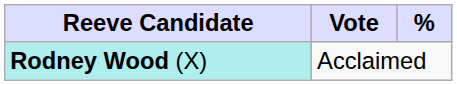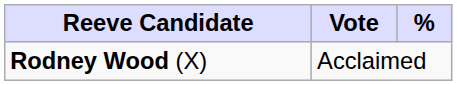 <table class="wikitable">
 <tr>
 <th style="background:#ddf; width:200px;">Reeve Candidate</th>
 <th style="background:#ddf; width:50px;">Vote</th>
 <th style="background:#ddf; width:30px;">%</th>
 </tr>
 <tr>
-<td style="background: paleturquoise;"><strong>Rodney Wood</strong> (X)</td>
+<td><strong>Rodney Wood</strong> (X)</td>
 <td colspan="2">Acclaimed</td>
 </tr>
 </table>
